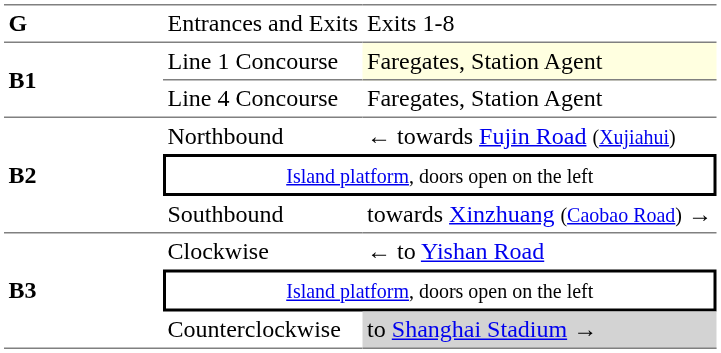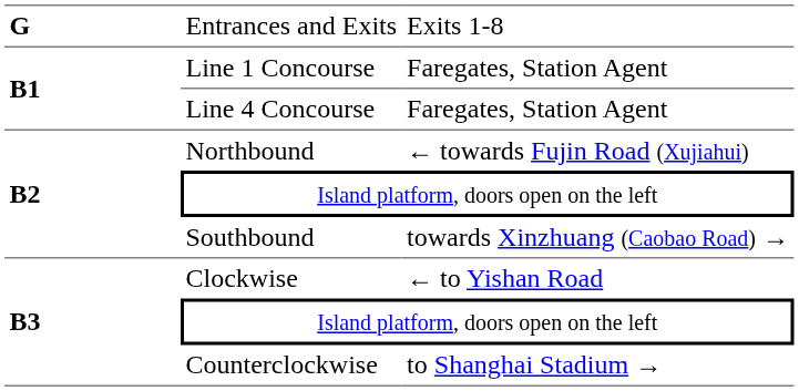 <table cellspacing=0 cellpadding=3>
 <tr>
 <td style="border-top:solid 1px gray;border-bottom:solid 1px gray;" width=100><strong>G</strong></td>
 <td style="border-top:solid 1px gray;border-bottom:solid 1px gray;">Entrances and Exits</td>
 <td style="border-top:solid 1px gray;border-bottom:solid 1px gray;">Exits 1-8</td>
 </tr>
 <tr>
 <td style="border-bottom:solid 1px gray;" rowspan=2><strong>B1</strong></td>
 <td style="border-bottom:solid 1px gray;">Line 1 Concourse</td>
-<td style="background: lightyellow; border-bottom:solid 1px gray;">Faregates, Station Agent</td>
+<td style="border-bottom:solid 1px gray;">Faregates, Station Agent</td>
 </tr>
 <tr>
 <td style="border-bottom:solid 1px gray;">Line 4 Concourse</td>
 <td style="border-bottom:solid 1px gray;">Faregates, Station Agent</td>
 </tr>
 <tr>
 <td style="border-bottom:solid 1px gray;" rowspan=3><strong>B2</strong></td>
 <td>Northbound</td>
 <td>←  towards <a href='#'>Fujin Road</a> <small>(<a href='#'>Xujiahui</a>)</small></td>
 </tr>
 <tr>
 <td style="border-right:solid 2px black;border-left:solid 2px black;border-top:solid 2px black;border-bottom:solid 2px black;text-align:center;" colspan=2><small><a href='#'>Island platform</a>, doors open on the left</small></td>
 </tr>
 <tr>
 <td style="border-bottom:solid 1px gray;">Southbound</td>
 <td style="border-bottom:solid 1px gray;">  towards <a href='#'>Xinzhuang</a> <small>(<a href='#'>Caobao Road</a>)</small> →</td>
 </tr>
 <tr>
 <td style="border-bottom:solid 1px gray;" rowspan=3><strong>B3</strong></td>
 <td>Clockwise</td>
 <td>←  to <a href='#'>Yishan Road</a></td>
 </tr>
 <tr>
 <td style="border-right:solid 2px black;border-left:solid 2px black;border-top:solid 2px black;border-bottom:solid 2px black;text-align:center;" colspan=2><small><a href='#'>Island platform</a>, doors open on the left</small></td>
 </tr>
 <tr>
 <td style="border-bottom:solid 1px gray;">Counterclockwise</td>
-<td style="background: lightgrey; border-bottom:solid 1px gray;">  to <a href='#'>Shanghai Stadium</a> →</td>
+<td style="border-bottom:solid 1px gray;">  to <a href='#'>Shanghai Stadium</a> →</td>
 </tr>
 </table>
